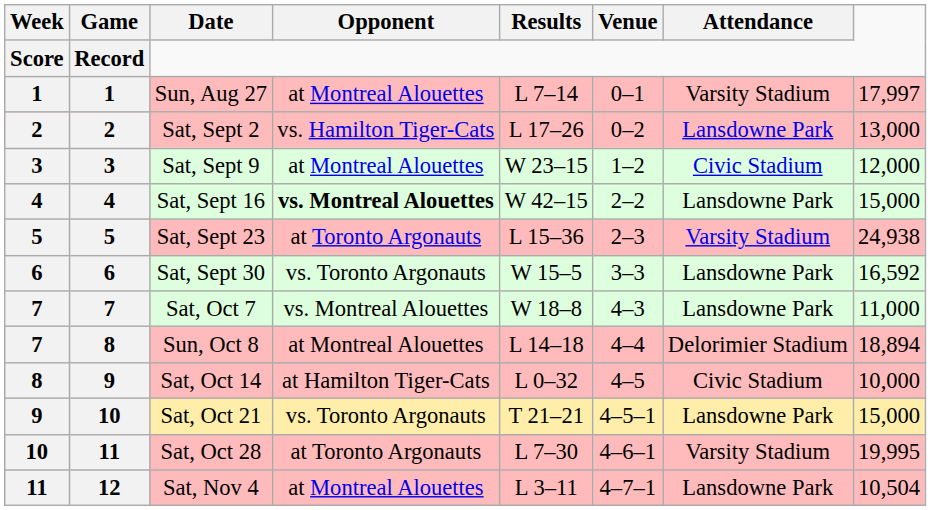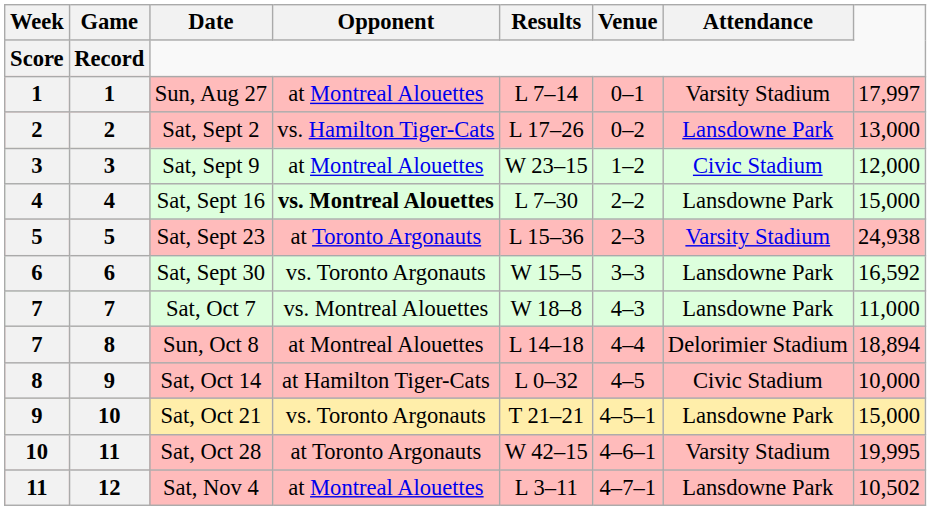 <table class="wikitable" style="text-align:center">
 <tr>
 <th>Week</th>
 <th>Game</th>
 <th>Date</th>
 <th>Opponent</th>
 <th>Results</th>
 <th>Venue</th>
 <th>Attendance</th>
 </tr>
 <tr>
 <th>Score</th>
 <th>Record</th>
 </tr>
 <tr style="background:#ffbbbb">
 <th>1</th>
 <th>1</th>
 <td>Sun, Aug 27</td>
 <td>at <a href='#'>Montreal Alouettes</a></td>
 <td>L 7–14</td>
 <td>0–1</td>
 <td>Varsity Stadium</td>
 <td>17,997</td>
 </tr>
 <tr style="background:#ffbbbb">
 <th>2</th>
 <th>2</th>
 <td>Sat, Sept 2</td>
 <td>vs. <a href='#'>Hamilton Tiger-Cats</a></td>
 <td>L 17–26</td>
 <td>0–2</td>
 <td><a href='#'>Lansdowne Park</a></td>
 <td>13,000</td>
 </tr>
 <tr style="background:#ddffdd">
 <th>3</th>
 <th>3</th>
 <td>Sat, Sept 9</td>
 <td>at <a href='#'>Montreal Alouettes</a></td>
 <td>W 23–15</td>
 <td>1–2</td>
 <td><a href='#'>Civic Stadium</a></td>
 <td>12,000</td>
 </tr>
 <tr style="background:#ddffdd">
 <th>4</th>
 <th>4</th>
 <td>Sat, Sept 16</td>
 <td><strong>vs. Montreal Alouettes</strong></td>
-<td>W 42–15</td>
+<td>L 7–30</td>
 <td>2–2</td>
 <td>Lansdowne Park</td>
 <td>15,000</td>
 </tr>
 <tr style="background:#ffbbbb">
 <th>5</th>
 <th>5</th>
 <td>Sat, Sept 23</td>
 <td>at <a href='#'>Toronto Argonauts</a></td>
 <td>L 15–36</td>
 <td>2–3</td>
 <td><a href='#'>Varsity Stadium</a></td>
 <td>24,938</td>
 </tr>
 <tr style="background:#ddffdd">
 <th>6</th>
 <th>6</th>
 <td>Sat, Sept 30</td>
 <td>vs. Toronto Argonauts</td>
 <td>W 15–5</td>
 <td>3–3</td>
 <td>Lansdowne Park</td>
 <td>16,592</td>
 </tr>
 <tr style="background:#ddffdd">
 <th>7</th>
 <th>7</th>
 <td>Sat, Oct 7</td>
 <td>vs. Montreal Alouettes</td>
 <td>W 18–8</td>
 <td>4–3</td>
 <td>Lansdowne Park</td>
 <td>11,000</td>
 </tr>
 <tr style="background:#ffbbbb">
 <th>7</th>
 <th>8</th>
 <td>Sun, Oct 8</td>
 <td>at Montreal Alouettes</td>
 <td>L 14–18</td>
 <td>4–4</td>
 <td>Delorimier Stadium</td>
 <td>18,894</td>
 </tr>
 <tr style="background:#ffbbbb">
 <th>8</th>
 <th>9</th>
 <td>Sat, Oct 14</td>
 <td>at Hamilton Tiger-Cats</td>
 <td>L 0–32</td>
 <td>4–5</td>
 <td>Civic Stadium</td>
 <td>10,000</td>
 </tr>
 <tr style="background:#ffeeaa">
 <th>9</th>
 <th>10</th>
 <td>Sat, Oct 21</td>
 <td>vs. Toronto Argonauts</td>
 <td>T 21–21</td>
 <td>4–5–1</td>
 <td>Lansdowne Park</td>
 <td>15,000</td>
 </tr>
 <tr style="background:#ffbbbb">
 <th>10</th>
 <th>11</th>
 <td>Sat, Oct 28</td>
 <td>at Toronto Argonauts</td>
-<td>L 7–30</td>
+<td>W 42–15</td>
 <td>4–6–1</td>
 <td>Varsity Stadium</td>
 <td>19,995</td>
 </tr>
 <tr style="background:#ffbbbb">
 <th>11</th>
 <th>12</th>
 <td>Sat, Nov 4</td>
 <td>at <a href='#'>Montreal Alouettes</a></td>
 <td>L 3–11</td>
 <td>4–7–1</td>
 <td>Lansdowne Park</td>
-<td>10,504</td>
+<td>10,502</td>
 </tr>
 </table>
